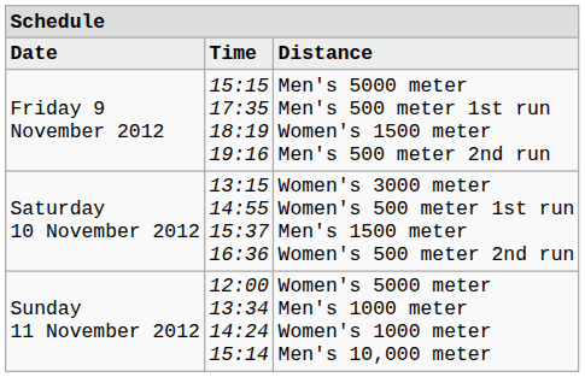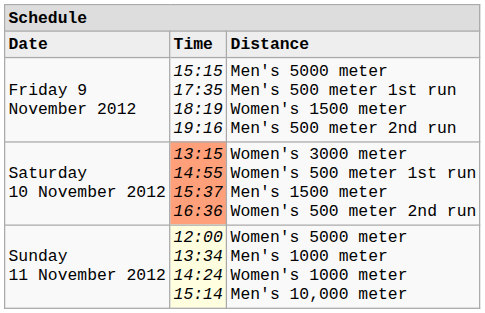 <table class="wikitable">
 <tr align=left bgcolor=#DDDDDD>
 <td colspan=3><strong>Schedule</strong></td>
 </tr>
 <tr align=left bgcolor=#EEEEEE>
 <td><strong>Date</strong></td>
 <td><strong>Time</strong></td>
 <td><strong>Distance</strong></td>
 </tr>
 <tr>
 <td>Friday 9<br>November 2012</td>
 <td><em>15:15</em><br><em>17:35</em><br><em>18:19</em><br><em>19:16</em></td>
 <td>Men's 5000 meter<br>Men's 500 meter 1st run<br>Women's 1500 meter<br>Men's 500 meter 2nd run</td>
 </tr>
 <tr>
 <td>Saturday<br>10 November 2012</td>
-<td><em>13:15</em><br><em>14:55</em><br><em>15:37</em><br><em>16:36</em></td>
+<td style="background: lightsalmon;"><em>13:15</em><br><em>14:55</em><br><em>15:37</em><br><em>16:36</em></td>
 <td>Women's 3000 meter<br>Women's 500 meter 1st run<br>Men's 1500 meter<br>Women's 500 meter 2nd run</td>
 </tr>
 <tr>
 <td>Sunday<br>11 November 2012</td>
-<td><em>12:00</em><br><em>13:34</em><br><em>14:24</em><br><em>15:14</em></td>
+<td style="background: lightyellow;"><em>12:00</em><br><em>13:34</em><br><em>14:24</em><br><em>15:14</em></td>
 <td>Women's 5000 meter<br>Men's 1000 meter<br>Women's 1000 meter<br>Men's 10,000 meter</td>
 </tr>
 </table>
